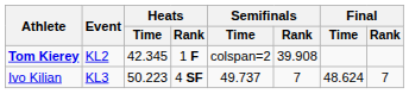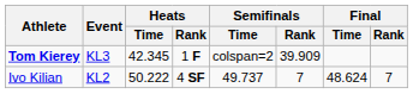 <table class=wikitable style="font-size:90%">
 <tr>
 <th rowspan="2">Athlete</th>
 <th rowspan="2">Event</th>
 <th colspan=2>Heats</th>
 <th colspan=2>Semifinals</th>
 <th colspan=2>Final</th>
 </tr>
 <tr style="font-size:95%">
 <th>Time</th>
 <th>Rank</th>
 <th>Time</th>
 <th>Rank</th>
 <th>Time</th>
 <th>Rank</th>
 </tr>
 <tr align=center>
 <td align=left><strong><a href='#'>Tom Kierey</a></strong></td>
-<td align=left><a href='#'>KL2</a></td>
+<td align=left><a href='#'>KL3</a></td>
 <td>42.345</td>
 <td>1 <strong>F</strong></td>
 <td>colspan=2</td>
-<td>39.908</td>
+<td>39.909</td>
 <td></td>
 </tr>
 <tr align=center>
 <td align=left><a href='#'>Ivo Kilian</a></td>
-<td align=left><a href='#'>KL3</a></td>
-<td>50.223</td>
+<td align=left><a href='#'>KL2</a></td>
+<td>50.222</td>
 <td>4 <strong>SF</strong></td>
 <td>49.737</td>
 <td>7</td>
 <td>48.624</td>
 <td>7</td>
 </tr>
 </table>
